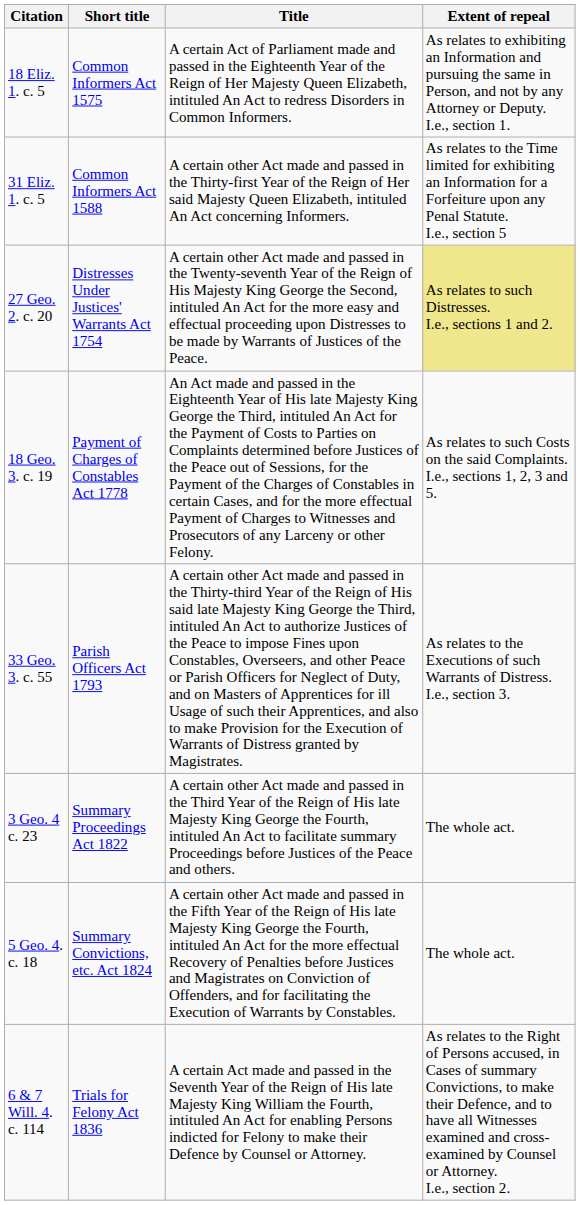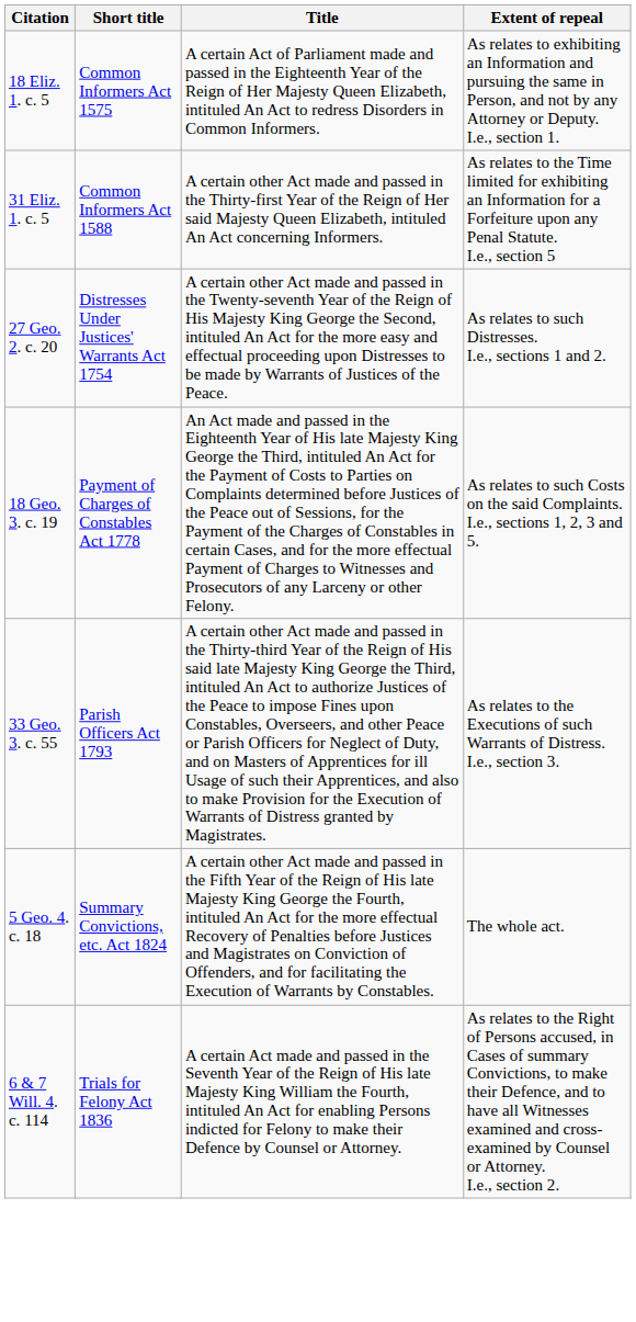 <table class="wikitable">
 <tr>
 <th>Citation</th>
 <th>Short title</th>
 <th>Title</th>
 <th>Extent of repeal</th>
 </tr>
 <tr>
 <td><a href='#'>18 Eliz. 1</a>. c. 5</td>
 <td><a href='#'>Common Informers Act 1575</a></td>
 <td>A certain Act of Parliament made and passed in the Eighteenth Year of the Reign of Her Majesty Queen Elizabeth, intituled An Act to redress Disorders in Common Informers.</td>
 <td>As relates to exhibiting an Information and pursuing the same in Person, and not by any Attorney or Deputy.<br>I.e., section 1.</td>
 </tr>
 <tr>
 <td><a href='#'>31 Eliz. 1</a>. c. 5</td>
 <td><a href='#'>Common Informers Act 1588</a></td>
 <td>A certain other Act made and passed in the Thirty-first Year of the Reign of Her said Majesty Queen Elizabeth, intituled An Act concerning Informers.</td>
 <td>As relates to the Time limited  for exhibiting an Information for a Forfeiture upon any Penal  Statute.<br>I.e., section 5</td>
 </tr>
 <tr>
 <td><a href='#'>27 Geo. 2</a>. c. 20</td>
 <td><a href='#'>Distresses Under Justices' Warrants Act 1754</a></td>
 <td>A certain other Act made and passed in the Twenty-seventh Year of the Reign of His Majesty King George the Second, intituled An Act for the more easy and effectual proceeding upon Distresses to be made by Warrants of Justices of the Peace.</td>
-<td style="background: khaki;">As relates to such Distresses.<br>I.e., sections 1 and 2. </td>
+<td>As relates to such Distresses.<br>I.e., sections 1 and 2. </td>
 </tr>
 <tr>
 <td><a href='#'>18 Geo. 3</a>. c. 19</td>
 <td><a href='#'>Payment of Charges of Constables Act 1778</a></td>
 <td>An Act made and passed in the Eighteenth Year of His late Majesty King George the Third, intituled An Act for the Payment of Costs to Parties on Complaints determined before Justices of the Peace out of Sessions, for the Payment of the Charges of Constables in certain Cases, and for the more effectual Payment of Charges to Witnesses and Prosecutors of any Larceny or other Felony.</td>
 <td>As relates to such Costs on the said Complaints.<br>I.e., sections 1, 2, 3 and 5.</td>
 </tr>
 <tr>
 <td><a href='#'>33 Geo. 3</a>. c. 55</td>
 <td><a href='#'>Parish Officers Act 1793</a></td>
 <td>A certain other Act made and passed in the Thirty-third Year of the Reign of His said late Majesty King George the Third, intituled An Act to authorize Justices of the Peace to impose Fines upon Constables, Overseers, and other Peace or Parish Officers for Neglect of Duty, and on Masters of Apprentices for ill Usage of such their Apprentices, and also to make Provision for the Execution of Warrants of Distress granted by Magistrates.</td>
 <td>As relates to the Executions of such Warrants of Distress.<br>I.e., section 3.</td>
 </tr>
 <tr>
-<td><a href='#'>3 Geo. 4</a> c. 23</td>
-<td><a href='#'>Summary Proceedings Act 1822</a></td>
-<td>A certain other Act made and passed in the Third Year of the Reign of His late Majesty King George the Fourth, intituled An Act to facilitate summary Proceedings before Justices of the Peace and others.</td>
-<td>The whole act.</td>
-</tr>
-<tr>
 <td><a href='#'>5 Geo. 4</a>. c. 18</td>
 <td><a href='#'>Summary Convictions, etc. Act 1824</a></td>
 <td>A certain other Act made and passed in the Fifth Year of the Reign of His late Majesty King George the Fourth, intituled An Act for the more effectual Recovery of Penalties before Justices and Magistrates on Conviction of Offenders, and for facilitating the Execution of Warrants by Constables.</td>
 <td>The whole act.</td>
 </tr>
 <tr>
 <td><a href='#'>6 & 7 Will. 4</a>. c. 114</td>
 <td><a href='#'>Trials for Felony Act 1836</a></td>
 <td>A certain Act made and passed in the Seventh Year of the Reign of His late Majesty King William the Fourth, intituled An Act for enabling Persons indicted for Felony to make their Defence by Counsel or Attorney.</td>
 <td>As relates to the Right of Persons accused, in Cases of summary Convictions, to make their Defence, and to have all Witnesses examined and cross-examined by Counsel or Attorney.<br>I.e., section 2.</td>
 </tr>
 </table>
